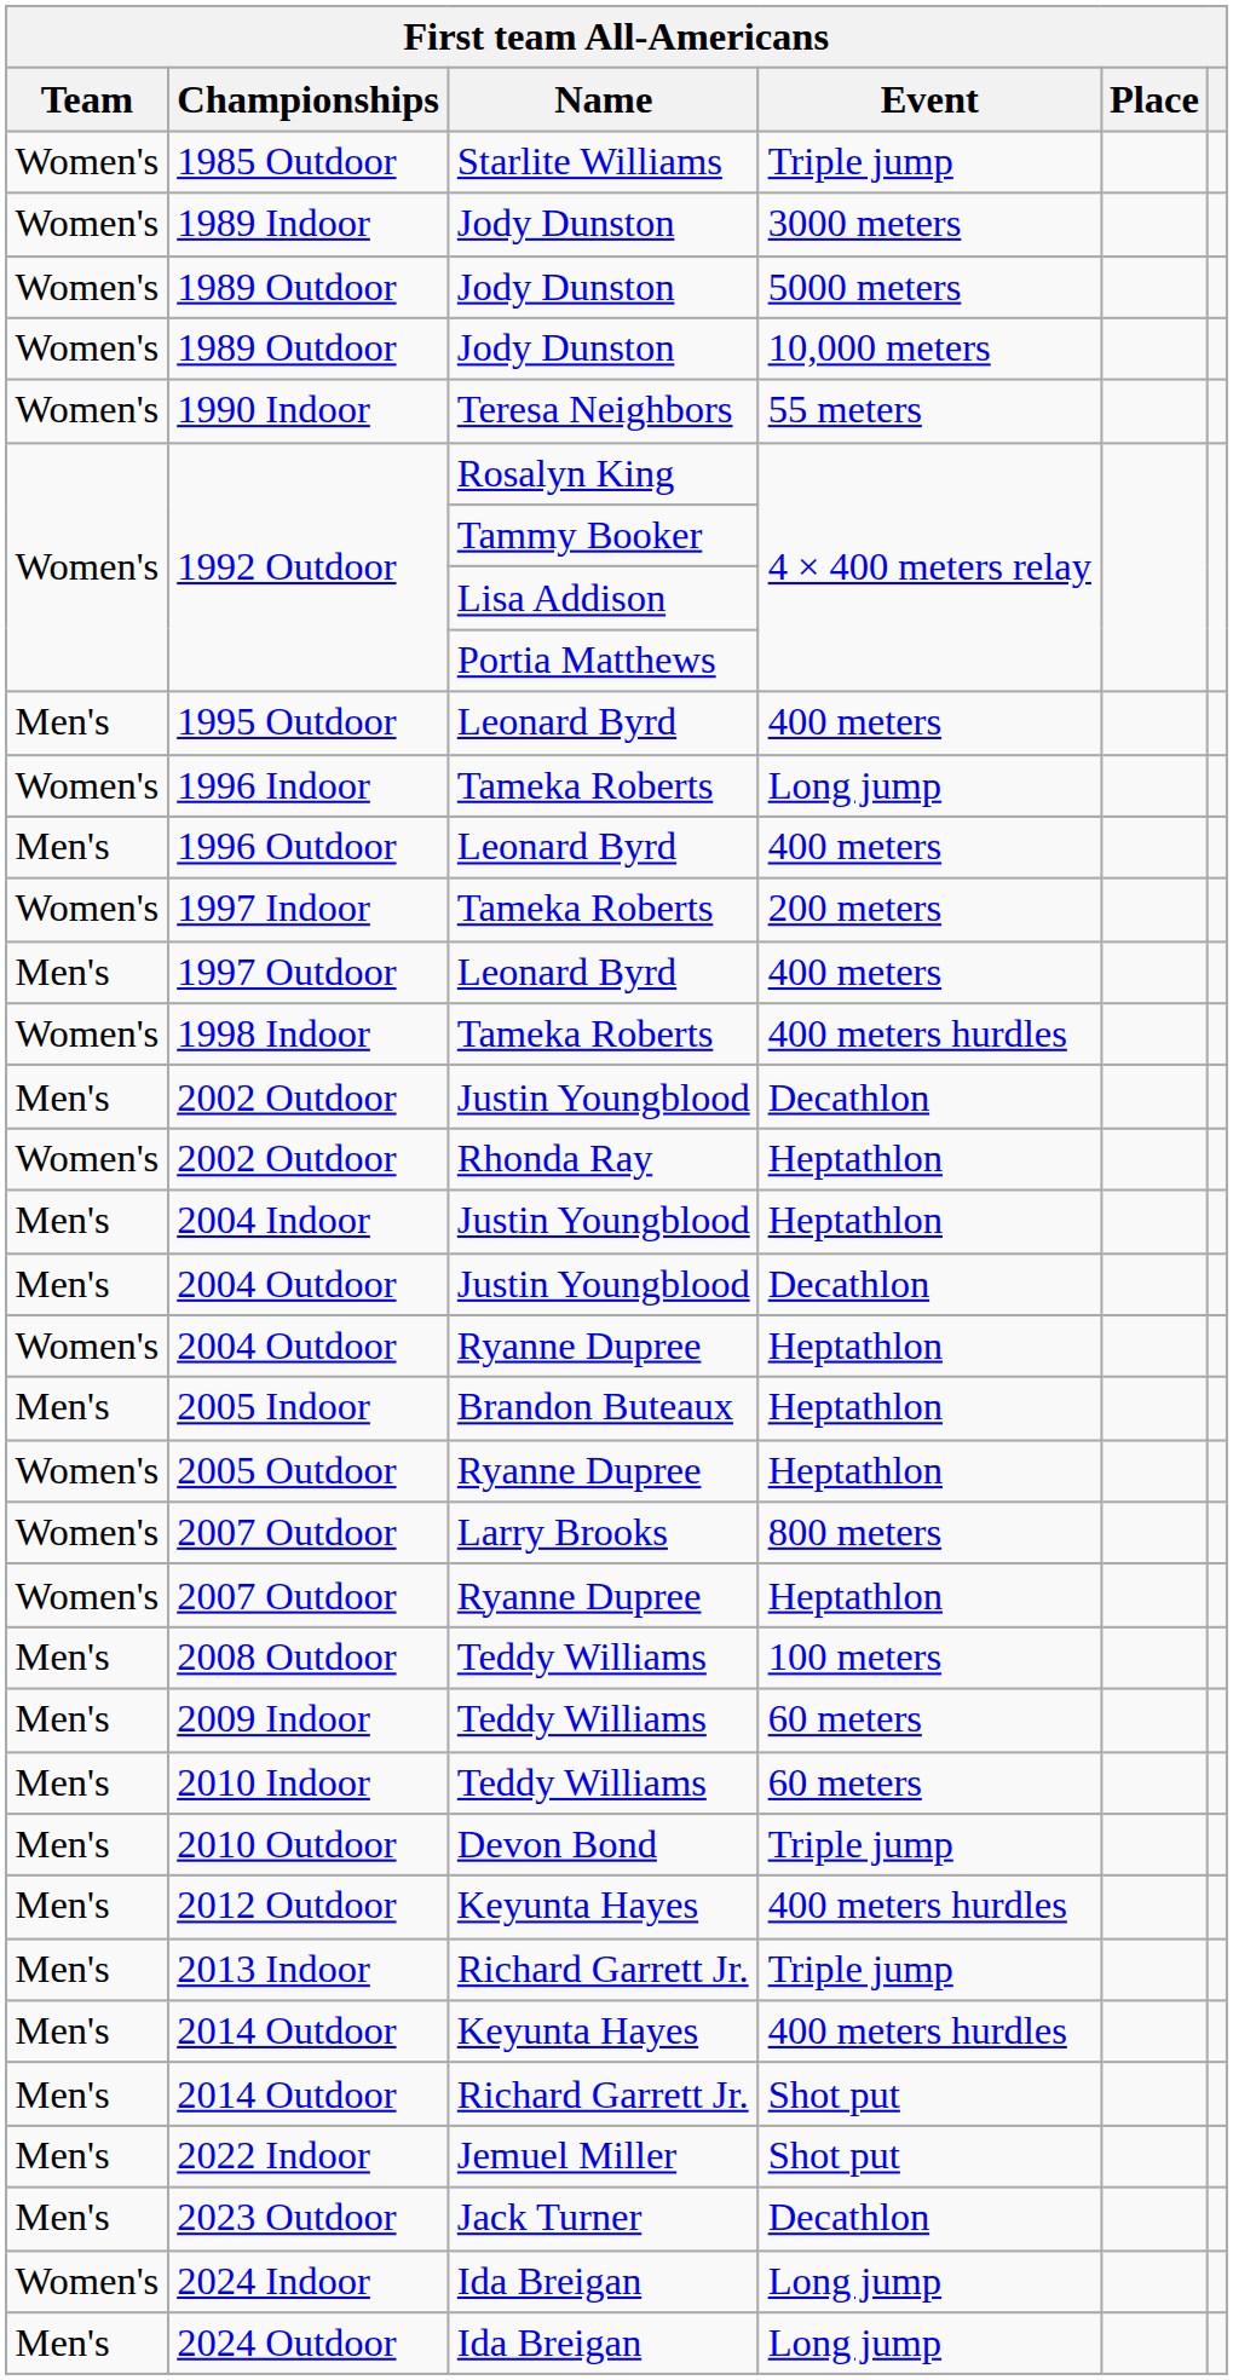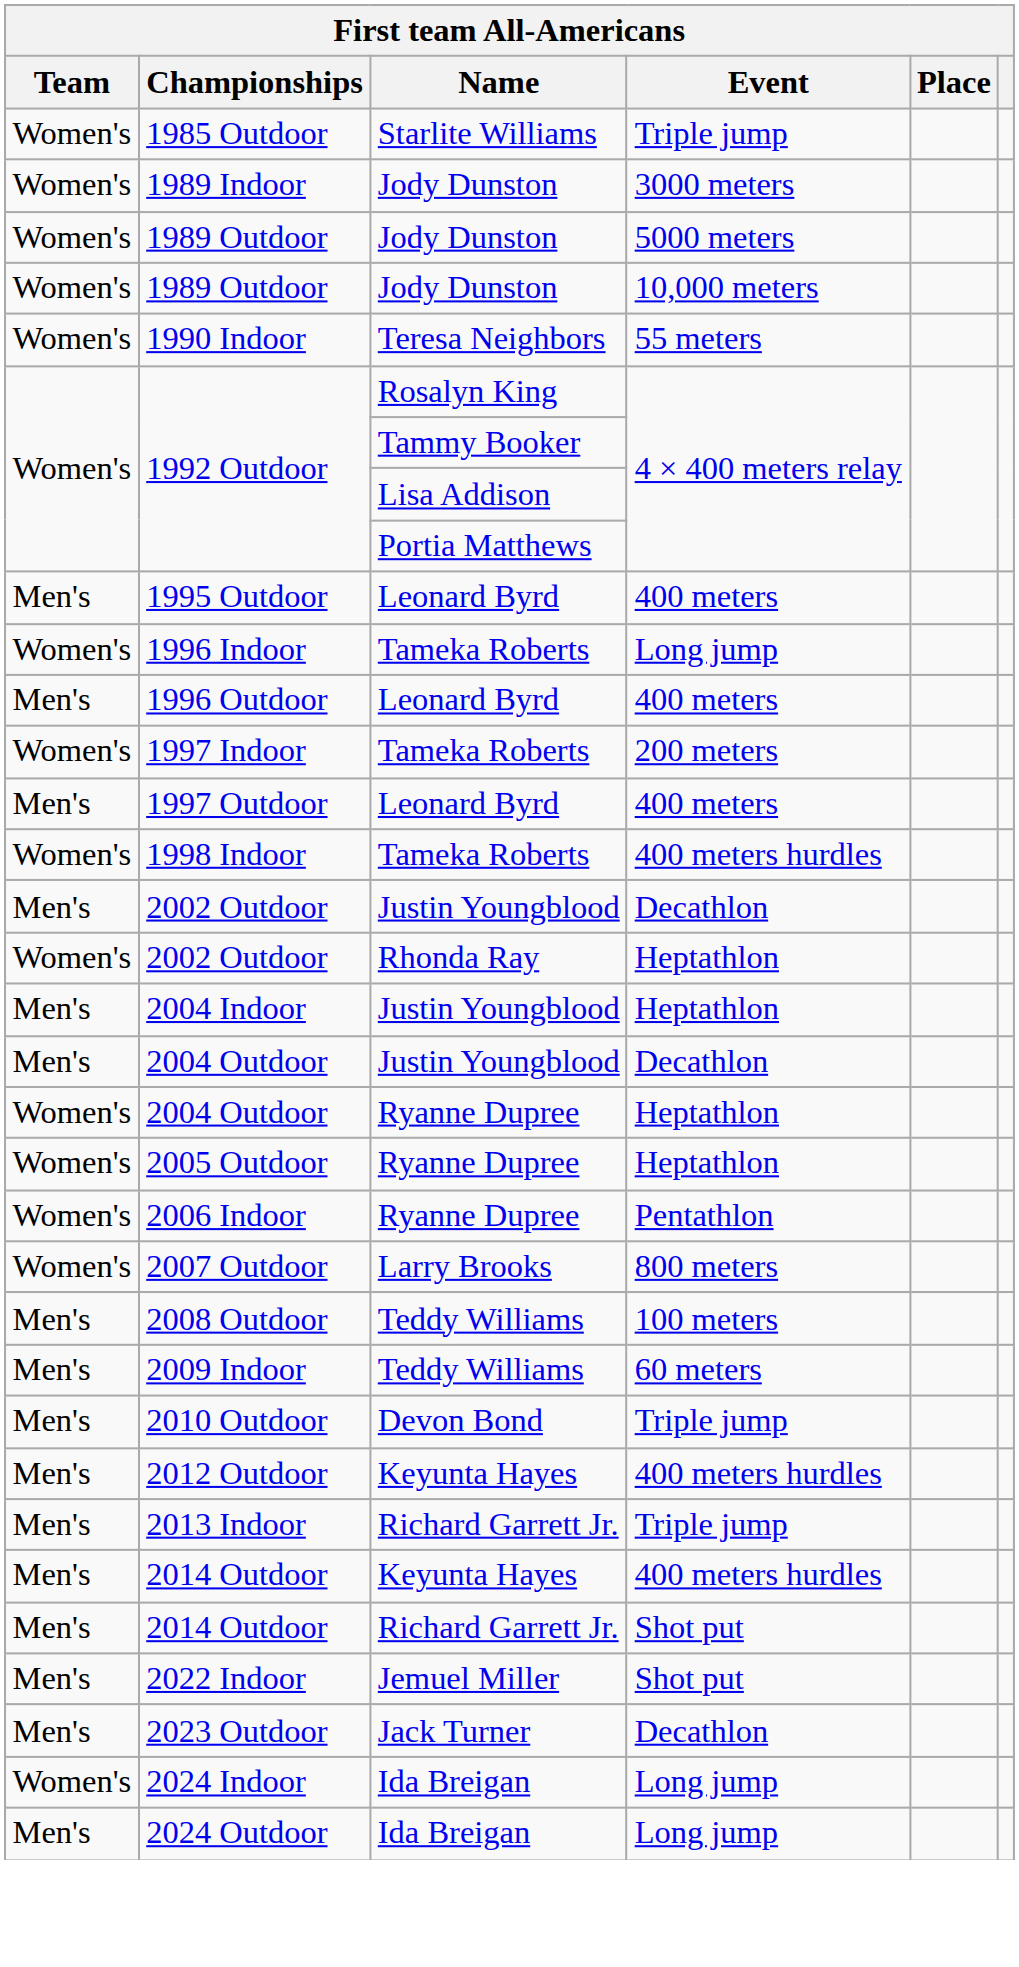 <table class="wikitable sortable">
 <tr>
 <th colspan="6">First team All-Americans</th>
 </tr>
 <tr>
 <th scope="col">Team</th>
 <th scope="col">Championships</th>
 <th scope="col">Name</th>
 <th scope="col">Event</th>
 <th scope="col">Place</th>
 <th scope="col"></th>
 </tr>
 <tr>
 <td>Women's</td>
 <td><a href='#'>1985 Outdoor</a></td>
 <td><a href='#'>Starlite Williams</a></td>
 <td><a href='#'>Triple jump</a></td>
 <td></td>
 <td></td>
 </tr>
 <tr>
 <td>Women's</td>
 <td><a href='#'>1989 Indoor</a></td>
 <td><a href='#'>Jody Dunston</a></td>
 <td><a href='#'>3000 meters</a></td>
 <td></td>
 <td></td>
 </tr>
 <tr>
 <td>Women's</td>
 <td><a href='#'>1989 Outdoor</a></td>
 <td><a href='#'>Jody Dunston</a></td>
 <td><a href='#'>5000 meters</a></td>
 <td></td>
 <td></td>
 </tr>
 <tr>
 <td>Women's</td>
 <td><a href='#'>1989 Outdoor</a></td>
 <td><a href='#'>Jody Dunston</a></td>
 <td><a href='#'>10,000 meters</a></td>
 <td></td>
 <td></td>
 </tr>
 <tr>
 <td>Women's</td>
 <td><a href='#'>1990 Indoor</a></td>
 <td><a href='#'>Teresa Neighbors</a></td>
 <td><a href='#'>55 meters</a></td>
 <td></td>
 <td></td>
 </tr>
 <tr>
 <td rowspan=4>Women's</td>
 <td rowspan=4><a href='#'>1992 Outdoor</a></td>
 <td><a href='#'>Rosalyn King</a></td>
 <td rowspan=4><a href='#'>4 × 400 meters relay</a></td>
 <td rowspan=4></td>
 <td rowspan=4></td>
 </tr>
 <tr>
 <td><a href='#'>Tammy Booker</a></td>
 </tr>
 <tr>
 <td><a href='#'>Lisa Addison</a></td>
 </tr>
 <tr>
 <td><a href='#'>Portia Matthews</a></td>
 </tr>
 <tr>
 <td>Men's</td>
 <td><a href='#'>1995 Outdoor</a></td>
 <td><a href='#'>Leonard Byrd</a></td>
 <td><a href='#'>400 meters</a></td>
 <td></td>
 <td></td>
 </tr>
 <tr>
 <td>Women's</td>
 <td><a href='#'>1996 Indoor</a></td>
 <td><a href='#'>Tameka Roberts</a></td>
 <td><a href='#'>Long jump</a></td>
 <td></td>
 <td></td>
 </tr>
 <tr>
 <td>Men's</td>
 <td><a href='#'>1996 Outdoor</a></td>
 <td><a href='#'>Leonard Byrd</a></td>
 <td><a href='#'>400 meters</a></td>
 <td></td>
 <td></td>
 </tr>
 <tr>
 <td>Women's</td>
 <td><a href='#'>1997 Indoor</a></td>
 <td><a href='#'>Tameka Roberts</a></td>
 <td><a href='#'>200 meters</a></td>
 <td></td>
 <td></td>
 </tr>
 <tr>
 <td>Men's</td>
 <td><a href='#'>1997 Outdoor</a></td>
 <td><a href='#'>Leonard Byrd</a></td>
 <td><a href='#'>400 meters</a></td>
 <td></td>
 <td></td>
 </tr>
 <tr>
 <td>Women's</td>
 <td><a href='#'>1998 Indoor</a></td>
 <td><a href='#'>Tameka Roberts</a></td>
 <td><a href='#'>400 meters hurdles</a></td>
 <td></td>
 <td></td>
 </tr>
 <tr>
 <td>Men's</td>
 <td><a href='#'>2002 Outdoor</a></td>
 <td><a href='#'>Justin Youngblood</a></td>
 <td><a href='#'>Decathlon</a></td>
 <td></td>
 <td></td>
 </tr>
 <tr>
 <td>Women's</td>
 <td><a href='#'>2002 Outdoor</a></td>
 <td><a href='#'>Rhonda Ray</a></td>
 <td><a href='#'>Heptathlon</a></td>
 <td></td>
 <td></td>
 </tr>
 <tr>
 <td>Men's</td>
 <td><a href='#'>2004 Indoor</a></td>
 <td><a href='#'>Justin Youngblood</a></td>
 <td><a href='#'>Heptathlon</a></td>
 <td></td>
 <td></td>
 </tr>
 <tr>
 <td>Men's</td>
 <td><a href='#'>2004 Outdoor</a></td>
 <td><a href='#'>Justin Youngblood</a></td>
 <td><a href='#'>Decathlon</a></td>
 <td></td>
 <td></td>
 </tr>
 <tr>
 <td>Women's</td>
 <td><a href='#'>2004 Outdoor</a></td>
 <td><a href='#'>Ryanne Dupree</a></td>
 <td><a href='#'>Heptathlon</a></td>
 <td></td>
 <td></td>
 </tr>
 <tr>
-<td>Men's</td>
-<td><a href='#'>2005 Indoor</a></td>
-<td><a href='#'>Brandon Buteaux</a></td>
-<td><a href='#'>Heptathlon</a></td>
-<td></td>
-<td></td>
-</tr>
-<tr>
 <td>Women's</td>
 <td><a href='#'>2005 Outdoor</a></td>
 <td><a href='#'>Ryanne Dupree</a></td>
 <td><a href='#'>Heptathlon</a></td>
 <td></td>
 <td></td>
 </tr>
 <tr>
 <td>Women's</td>
-<td><a href='#'>2007 Outdoor</a></td>
-<td><a href='#'>Larry Brooks</a></td>
-<td><a href='#'>800 meters</a></td>
+<td><a href='#'>2006 Indoor</a></td>
+<td><a href='#'>Ryanne Dupree</a></td>
+<td><a href='#'>Pentathlon</a></td>
 <td></td>
 <td></td>
 </tr>
 <tr>
 <td>Women's</td>
 <td><a href='#'>2007 Outdoor</a></td>
-<td><a href='#'>Ryanne Dupree</a></td>
-<td><a href='#'>Heptathlon</a></td>
+<td><a href='#'>Larry Brooks</a></td>
+<td><a href='#'>800 meters</a></td>
 <td></td>
 <td></td>
 </tr>
 <tr>
 <td>Men's</td>
 <td><a href='#'>2008 Outdoor</a></td>
 <td><a href='#'>Teddy Williams</a></td>
 <td><a href='#'>100 meters</a></td>
 <td></td>
 <td></td>
 </tr>
 <tr>
 <td>Men's</td>
 <td><a href='#'>2009 Indoor</a></td>
-<td><a href='#'>Teddy Williams</a></td>
-<td><a href='#'>60 meters</a></td>
-<td></td>
-<td></td>
-</tr>
-<tr>
-<td>Men's</td>
-<td><a href='#'>2010 Indoor</a></td>
 <td><a href='#'>Teddy Williams</a></td>
 <td><a href='#'>60 meters</a></td>
 <td></td>
 <td></td>
 </tr>
 <tr>
 <td>Men's</td>
 <td><a href='#'>2010 Outdoor</a></td>
 <td><a href='#'>Devon Bond</a></td>
 <td><a href='#'>Triple jump</a></td>
 <td></td>
 <td></td>
 </tr>
 <tr>
 <td>Men's</td>
 <td><a href='#'>2012 Outdoor</a></td>
 <td><a href='#'>Keyunta Hayes</a></td>
 <td><a href='#'>400 meters hurdles</a></td>
 <td></td>
 <td></td>
 </tr>
 <tr>
 <td>Men's</td>
 <td><a href='#'>2013 Indoor</a></td>
 <td><a href='#'>Richard Garrett Jr.</a></td>
 <td><a href='#'>Triple jump</a></td>
 <td></td>
 <td></td>
 </tr>
 <tr>
 <td>Men's</td>
 <td><a href='#'>2014 Outdoor</a></td>
 <td><a href='#'>Keyunta Hayes</a></td>
 <td><a href='#'>400 meters hurdles</a></td>
 <td></td>
 <td></td>
 </tr>
 <tr>
 <td>Men's</td>
 <td><a href='#'>2014 Outdoor</a></td>
 <td><a href='#'>Richard Garrett Jr.</a></td>
 <td><a href='#'>Shot put</a></td>
 <td></td>
 <td></td>
 </tr>
 <tr>
 <td>Men's</td>
 <td><a href='#'>2022 Indoor</a></td>
 <td><a href='#'>Jemuel Miller</a></td>
 <td><a href='#'>Shot put</a></td>
 <td></td>
 <td></td>
 </tr>
 <tr>
 <td>Men's</td>
 <td><a href='#'>2023 Outdoor</a></td>
 <td><a href='#'>Jack Turner</a></td>
 <td><a href='#'>Decathlon</a></td>
 <td></td>
 <td></td>
 </tr>
 <tr>
 <td>Women's</td>
 <td><a href='#'>2024 Indoor</a></td>
 <td><a href='#'>Ida Breigan</a></td>
 <td><a href='#'>Long jump</a></td>
 <td></td>
 <td></td>
 </tr>
 <tr>
 <td>Men's</td>
 <td><a href='#'>2024 Outdoor</a></td>
 <td><a href='#'>Ida Breigan</a></td>
 <td><a href='#'>Long jump</a></td>
 <td></td>
 <td></td>
 </tr>
 </table>
